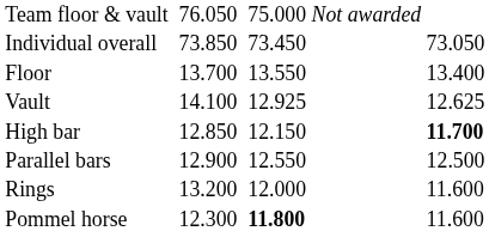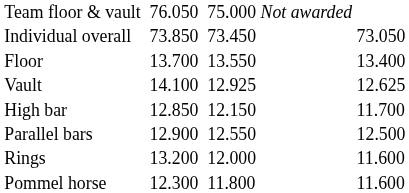 <table>
 <tr>
 <td>Team floor & vault</td>
 <td></td>
 <td>76.050</td>
 <td></td>
 <td>75.000</td>
 <td><em>Not awarded</em></td>
 <td></td>
 </tr>
 <tr>
 <td>Individual overall</td>
 <td></td>
 <td>73.850</td>
 <td></td>
 <td>73.450</td>
 <td></td>
 <td>73.050</td>
 </tr>
 <tr>
 <td>Floor</td>
 <td></td>
 <td>13.700</td>
 <td></td>
 <td>13.550</td>
 <td></td>
 <td>13.400</td>
 </tr>
 <tr>
 <td>Vault</td>
 <td></td>
 <td>14.100</td>
 <td></td>
 <td>12.925</td>
 <td></td>
 <td>12.625</td>
 </tr>
 <tr>
 <td>High bar</td>
 <td></td>
 <td>12.850</td>
 <td></td>
 <td>12.150</td>
 <td></td>
-<td><strong>11.700</strong></td>
+<td>11.700</td>
 </tr>
 <tr>
 <td>Parallel bars</td>
 <td></td>
 <td>12.900</td>
 <td></td>
 <td>12.550</td>
 <td></td>
 <td>12.500</td>
 </tr>
 <tr>
 <td>Rings</td>
 <td></td>
 <td>13.200</td>
 <td></td>
 <td>12.000</td>
 <td><br></td>
 <td>11.600</td>
 </tr>
 <tr>
 <td>Pommel horse</td>
 <td></td>
 <td>12.300</td>
 <td></td>
-<td><strong>11.800</strong></td>
+<td>11.800</td>
 <td></td>
 <td>11.600</td>
 </tr>
 </table>
